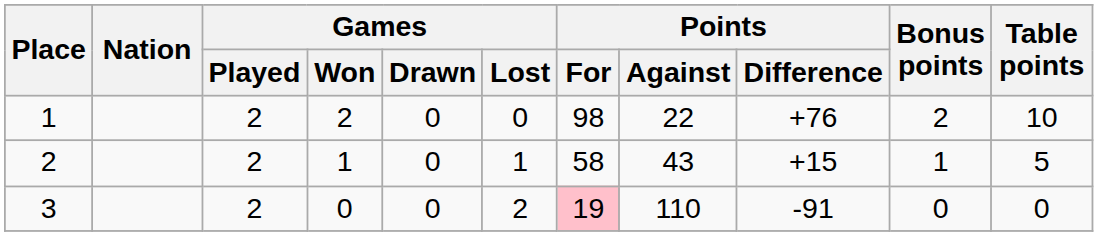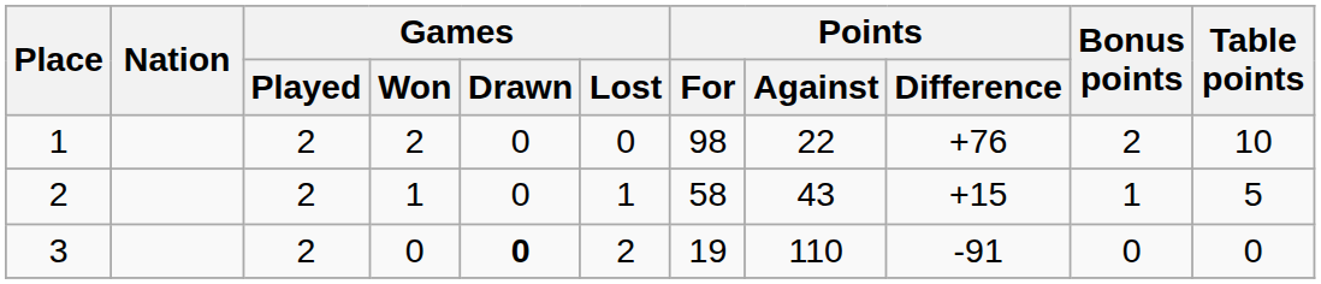 <table class="wikitable" width="98%">
 <tr>
 <th rowspan=2 width="8%">Place</th>
 <th rowspan=2 width="16%">Nation</th>
 <th colspan=4 width="32%">Games</th>
 <th colspan=3 width="24%">Points</th>
 <th rowspan=2 width="10%">Bonus<br>points</th>
 <th rowspan=2 width="10%">Table<br>points</th>
 </tr>
 <tr>
 <th width="8%">Played</th>
 <th width="8%">Won</th>
 <th width="8%">Drawn</th>
 <th width="8%">Lost</th>
 <th width="8%">For</th>
 <th width="8%">Against</th>
 <th width="8%">Difference</th>
 </tr>
 <tr align=center>
 <td>1</td>
 <td align=left></td>
 <td>2</td>
 <td>2</td>
 <td>0</td>
 <td>0</td>
 <td>98</td>
 <td>22</td>
 <td>+76</td>
 <td>2</td>
 <td>10</td>
 </tr>
 <tr align=center>
 <td>2</td>
 <td align=left></td>
 <td>2</td>
 <td>1</td>
 <td>0</td>
 <td>1</td>
 <td>58</td>
 <td>43</td>
 <td>+15</td>
 <td>1</td>
 <td>5</td>
 </tr>
 <tr align=center>
 <td>3</td>
 <td align=left></td>
 <td>2</td>
 <td>0</td>
-<td>0</td>
+<td><strong>0</strong></td>
 <td>2</td>
-<td style="background: pink;">19</td>
+<td>19</td>
 <td>110</td>
 <td>-91</td>
 <td>0</td>
 <td>0</td>
 </tr>
 </table>
